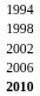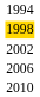 <table>
 <tr>
 <td>1994</td>
 <td></td>
 <td></td>
 <td></td>
 </tr>
 <tr>
-<td>1998</td>
+<td style="background: gold;">1998</td>
 <td></td>
 <td></td>
 <td></td>
 </tr>
 <tr>
 <td>2002</td>
 <td></td>
 <td></td>
 <td></td>
 </tr>
 <tr>
 <td>2006</td>
 <td></td>
 <td></td>
 <td></td>
 </tr>
 <tr>
-<td><strong>2010<br></strong></td>
+<td>2010<br></td>
 <td></td>
 <td></td>
 <td></td>
 </tr>
 </table>
